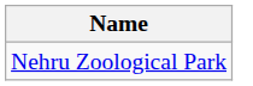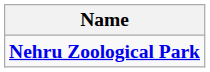 <table class="wikitable">
 <tr>
 <th>Name</th>
 </tr>
 <tr>
-<td><a href='#'>Nehru Zoological Park</a></td>
+<td><strong><a href='#'>Nehru Zoological Park</a></strong></td>
 </tr>
 </table>
